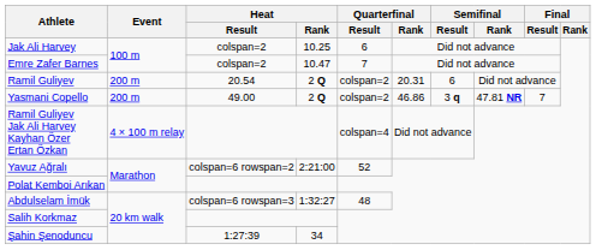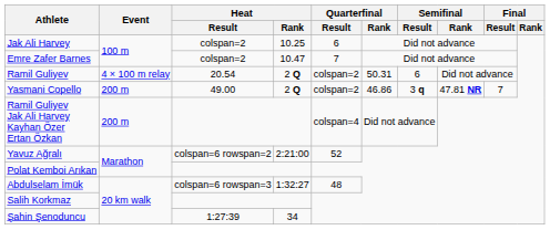 <table class="wikitable" style="font-size:90%">
 <tr>
 <th rowspan="2">Athlete</th>
 <th rowspan="2">Event</th>
 <th colspan="2">Heat</th>
 <th colspan="2">Quarterfinal</th>
 <th colspan="2">Semifinal</th>
 <th colspan="2">Final</th>
 </tr>
 <tr style="font-size:95%">
 <th>Result</th>
 <th>Rank</th>
 <th>Result</th>
 <th>Rank</th>
 <th>Result</th>
 <th>Rank</th>
 <th>Result</th>
 <th>Rank</th>
 </tr>
 <tr align=center>
 <td align=left><a href='#'>Jak Ali Harvey</a></td>
 <td align=left rowspan=2><a href='#'>100 m</a></td>
 <td>colspan=2 </td>
 <td>10.25</td>
 <td>6</td>
 <td colspan=4>Did not advance</td>
 </tr>
 <tr align=center>
 <td align=left><a href='#'>Emre Zafer Barnes</a></td>
 <td>colspan=2 </td>
 <td>10.47</td>
 <td>7</td>
 <td colspan=4>Did not advance</td>
 </tr>
 <tr align=center>
 <td align=left><a href='#'>Ramil Guliyev</a></td>
-<td align=left><a href='#'>200 m</a></td>
+<td align=left><a href='#'>4 × 100 m relay</a></td>
 <td>20.54</td>
 <td>2 <strong>Q</strong></td>
 <td>colspan=2 </td>
-<td>20.31</td>
+<td>50.31</td>
 <td>6</td>
 <td colspan=2>Did not advance</td>
 </tr>
 <tr align=center>
 <td align=left><a href='#'>Yasmani Copello</a></td>
 <td align=left><a href='#'>200 m</a></td>
 <td>49.00</td>
 <td>2 <strong>Q</strong></td>
 <td>colspan=2 </td>
 <td>46.86</td>
 <td>3 <strong>q</strong></td>
 <td>47.81 <strong><a href='#'>NR</a></strong></td>
 <td>7</td>
 </tr>
 <tr align=center>
 <td align=left><a href='#'>Ramil Guliyev</a><br><a href='#'>Jak Ali Harvey</a><br><a href='#'>Kayhan Özer</a><br><a href='#'>Ertan Özkan</a></td>
-<td align=left><a href='#'>4 × 100 m relay</a></td>
+<td align=left><a href='#'>200 m</a></td>
 <td colspan=2></td>
 <td>colspan=4 </td>
 <td colspan=2>Did not advance</td>
 </tr>
 <tr align=center>
 <td align=left><a href='#'>Yavuz Ağralı</a></td>
 <td align=left rowspan=2><a href='#'>Marathon</a></td>
 <td>colspan=6 rowspan=2 </td>
 <td>2:21:00</td>
 <td>52</td>
 </tr>
 <tr align=center>
 <td align=left><a href='#'>Polat Kemboi Arıkan</a></td>
 <td colspan=2></td>
 </tr>
 <tr align=center>
 <td align=left><a href='#'>Abdulselam İmük</a></td>
 <td align=left rowspan=3><a href='#'>20 km walk</a></td>
 <td>colspan=6 rowspan=3 </td>
 <td>1:32:27</td>
 <td>48</td>
 </tr>
 <tr align=center>
 <td align=left><a href='#'>Salih Korkmaz</a></td>
 <td colspan=2></td>
 </tr>
 <tr align=center>
 <td align=left><a href='#'>Şahin Şenoduncu</a></td>
 <td>1:27:39</td>
 <td>34</td>
 </tr>
 </table>
